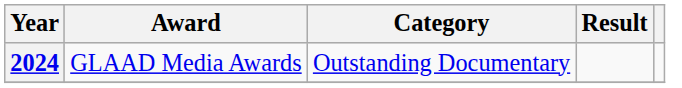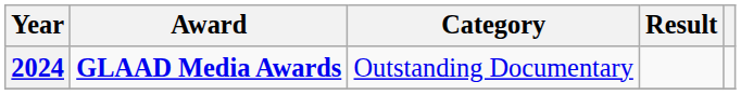 <table class="wikitable sortable plainrowheaders">
 <tr>
 <th scope="col">Year</th>
 <th scope="col">Award</th>
 <th scope="col">Category</th>
 <th scope="col">Result</th>
 <th scope="col" class="unsortable"></th>
 </tr>
 <tr>
 <th scope="row"><a href='#'>2024</a></th>
-<td><a href='#'>GLAAD Media Awards</a></td>
+<td><strong><a href='#'>GLAAD Media Awards</a></strong></td>
 <td><a href='#'>Outstanding Documentary</a></td>
 <td></td>
 <td align="center"></td>
 </tr>
 <tr>
 </tr>
 </table>
